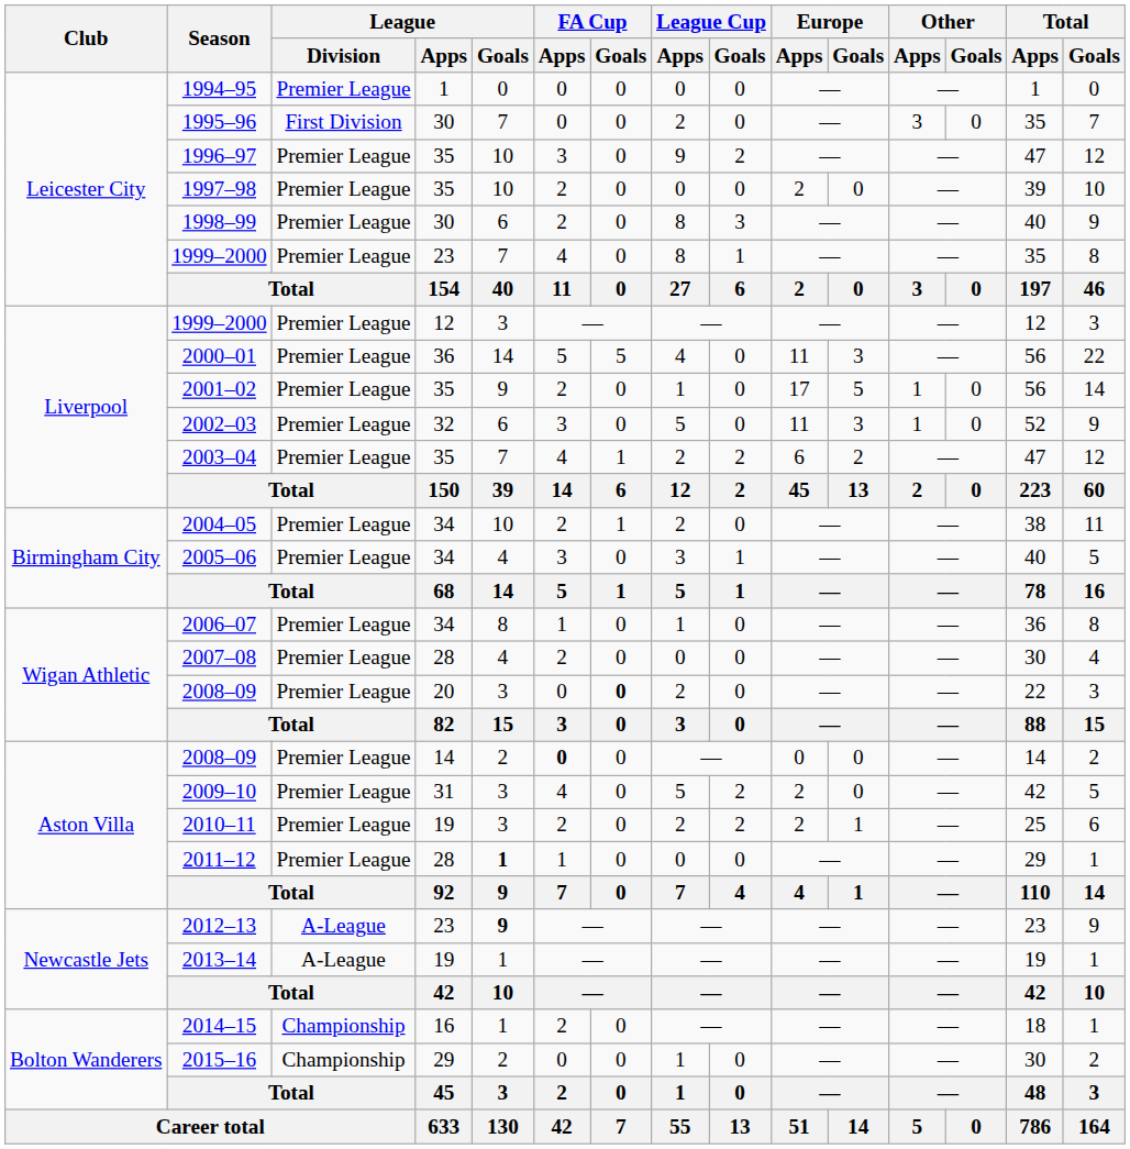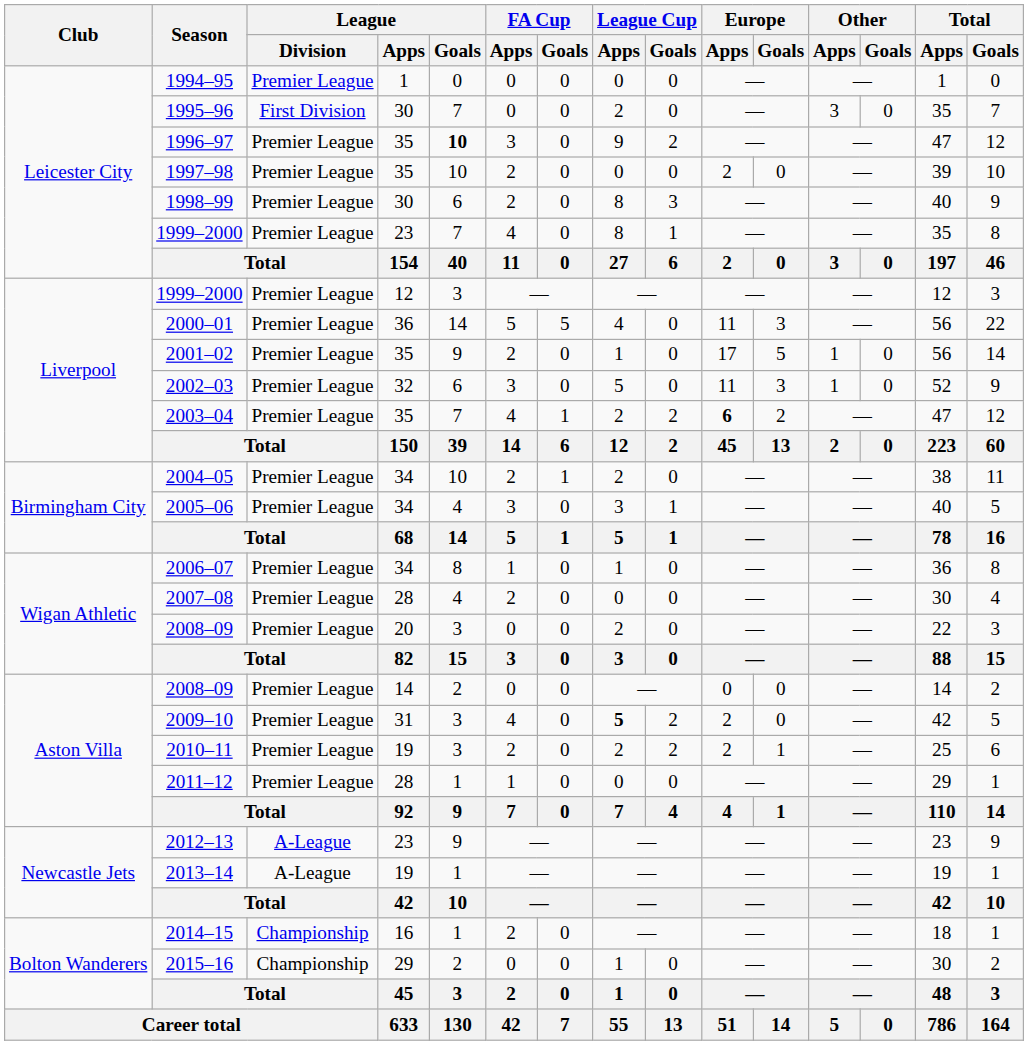 <table class=wikitable style=text-align:center>
 <tr>
 <th rowspan=2>Club</th>
 <th rowspan=2>Season</th>
 <th colspan=3>League</th>
 <th colspan=2><a href='#'>FA Cup</a></th>
 <th colspan=2><a href='#'>League Cup</a></th>
 <th colspan=2>Europe</th>
 <th colspan=2>Other</th>
 <th colspan=2>Total</th>
 </tr>
 <tr>
 <th>Division</th>
 <th>Apps</th>
 <th>Goals</th>
 <th>Apps</th>
 <th>Goals</th>
 <th>Apps</th>
 <th>Goals</th>
 <th>Apps</th>
 <th>Goals</th>
 <th>Apps</th>
 <th>Goals</th>
 <th>Apps</th>
 <th>Goals</th>
 </tr>
 <tr>
 <td rowspan=7><a href='#'>Leicester City</a></td>
 <td><a href='#'>1994–95</a></td>
 <td><a href='#'>Premier League</a></td>
 <td>1</td>
 <td>0</td>
 <td>0</td>
 <td>0</td>
 <td>0</td>
 <td>0</td>
 <td colspan=2>—</td>
 <td colspan=2>—</td>
 <td>1</td>
 <td>0</td>
 </tr>
 <tr>
 <td><a href='#'>1995–96</a></td>
 <td><a href='#'>First Division</a></td>
 <td>30</td>
 <td>7</td>
 <td>0</td>
 <td>0</td>
 <td>2</td>
 <td>0</td>
 <td colspan=2>—</td>
 <td>3</td>
 <td>0</td>
 <td>35</td>
 <td>7</td>
 </tr>
 <tr>
 <td><a href='#'>1996–97</a></td>
 <td>Premier League</td>
 <td>35</td>
-<td>10</td>
+<td><strong>10</strong></td>
 <td>3</td>
 <td>0</td>
 <td>9</td>
 <td>2</td>
 <td colspan=2>—</td>
 <td colspan=2>—</td>
 <td>47</td>
 <td>12</td>
 </tr>
 <tr>
 <td><a href='#'>1997–98</a></td>
 <td>Premier League</td>
 <td>35</td>
 <td>10</td>
 <td>2</td>
 <td>0</td>
 <td>0</td>
 <td>0</td>
 <td>2</td>
 <td>0</td>
 <td colspan=2>—</td>
 <td>39</td>
 <td>10</td>
 </tr>
 <tr>
 <td><a href='#'>1998–99</a></td>
 <td>Premier League</td>
 <td>30</td>
 <td>6</td>
 <td>2</td>
 <td>0</td>
 <td>8</td>
 <td>3</td>
 <td colspan=2>—</td>
 <td colspan=2>—</td>
 <td>40</td>
 <td>9</td>
 </tr>
 <tr>
 <td><a href='#'>1999–2000</a></td>
 <td>Premier League</td>
 <td>23</td>
 <td>7</td>
 <td>4</td>
 <td>0</td>
 <td>8</td>
 <td>1</td>
 <td colspan=2>—</td>
 <td colspan=2>—</td>
 <td>35</td>
 <td>8</td>
 </tr>
 <tr>
 <th colspan=2>Total</th>
 <th>154</th>
 <th>40</th>
 <th>11</th>
 <th>0</th>
 <th>27</th>
 <th>6</th>
 <th>2</th>
 <th>0</th>
 <th>3</th>
 <th>0</th>
 <th>197</th>
 <th>46</th>
 </tr>
 <tr>
 <td rowspan=6><a href='#'>Liverpool</a></td>
 <td><a href='#'>1999–2000</a></td>
 <td>Premier League</td>
 <td>12</td>
 <td>3</td>
 <td colspan=2>—</td>
 <td colspan=2>—</td>
 <td colspan=2>—</td>
 <td colspan=2>—</td>
 <td>12</td>
 <td>3</td>
 </tr>
 <tr>
 <td><a href='#'>2000–01</a></td>
 <td>Premier League</td>
 <td>36</td>
 <td>14</td>
 <td>5</td>
 <td>5</td>
 <td>4</td>
 <td>0</td>
 <td>11</td>
 <td>3</td>
 <td colspan=2>—</td>
 <td>56</td>
 <td>22</td>
 </tr>
 <tr>
 <td><a href='#'>2001–02</a></td>
 <td>Premier League</td>
 <td>35</td>
 <td>9</td>
 <td>2</td>
 <td>0</td>
 <td>1</td>
 <td>0</td>
 <td>17</td>
 <td>5</td>
 <td>1</td>
 <td>0</td>
 <td>56</td>
 <td>14</td>
 </tr>
 <tr>
 <td><a href='#'>2002–03</a></td>
 <td>Premier League</td>
 <td>32</td>
 <td>6</td>
 <td>3</td>
 <td>0</td>
 <td>5</td>
 <td>0</td>
 <td>11</td>
 <td>3</td>
 <td>1</td>
 <td>0</td>
 <td>52</td>
 <td>9</td>
 </tr>
 <tr>
 <td><a href='#'>2003–04</a></td>
 <td>Premier League</td>
 <td>35</td>
 <td>7</td>
 <td>4</td>
 <td>1</td>
 <td>2</td>
 <td>2</td>
-<td>6</td>
+<td><strong>6</strong></td>
 <td>2</td>
 <td colspan=2>—</td>
 <td>47</td>
 <td>12</td>
 </tr>
 <tr>
 <th colspan=2>Total</th>
 <th>150</th>
 <th>39</th>
 <th>14</th>
 <th>6</th>
 <th>12</th>
 <th>2</th>
 <th>45</th>
 <th>13</th>
 <th>2</th>
 <th>0</th>
 <th>223</th>
 <th>60</th>
 </tr>
 <tr>
 <td rowspan=3><a href='#'>Birmingham City</a></td>
 <td><a href='#'>2004–05</a></td>
 <td>Premier League</td>
 <td>34</td>
 <td>10</td>
 <td>2</td>
 <td>1</td>
 <td>2</td>
 <td>0</td>
 <td colspan=2>—</td>
 <td colspan=2>—</td>
 <td>38</td>
 <td>11</td>
 </tr>
 <tr>
 <td><a href='#'>2005–06</a></td>
 <td>Premier League</td>
 <td>34</td>
 <td>4</td>
 <td>3</td>
 <td>0</td>
 <td>3</td>
 <td>1</td>
 <td colspan=2>—</td>
 <td colspan=2>—</td>
 <td>40</td>
 <td>5</td>
 </tr>
 <tr>
 <th colspan=2>Total</th>
 <th>68</th>
 <th>14</th>
 <th>5</th>
 <th>1</th>
 <th>5</th>
 <th>1</th>
 <th colspan=2>—</th>
 <th colspan=2>—</th>
 <th>78</th>
 <th>16</th>
 </tr>
 <tr>
 <td rowspan=4><a href='#'>Wigan Athletic</a></td>
 <td><a href='#'>2006–07</a></td>
 <td>Premier League</td>
 <td>34</td>
 <td>8</td>
 <td>1</td>
 <td>0</td>
 <td>1</td>
 <td>0</td>
 <td colspan=2>—</td>
 <td colspan=2>—</td>
 <td>36</td>
 <td>8</td>
 </tr>
 <tr>
 <td><a href='#'>2007–08</a></td>
 <td>Premier League</td>
 <td>28</td>
 <td>4</td>
 <td>2</td>
 <td>0</td>
 <td>0</td>
 <td>0</td>
 <td colspan=2>—</td>
 <td colspan=2>—</td>
 <td>30</td>
 <td>4</td>
 </tr>
 <tr>
 <td><a href='#'>2008–09</a></td>
 <td>Premier League</td>
 <td>20</td>
 <td>3</td>
 <td>0</td>
-<td><strong>0</strong></td>
+<td>0</td>
 <td>2</td>
 <td>0</td>
 <td colspan=2>—</td>
 <td colspan=2>—</td>
 <td>22</td>
 <td>3</td>
 </tr>
 <tr>
 <th colspan=2>Total</th>
 <th>82</th>
 <th>15</th>
 <th>3</th>
 <th>0</th>
 <th>3</th>
 <th>0</th>
 <th colspan=2>—</th>
 <th colspan=2>—</th>
 <th>88</th>
 <th>15</th>
 </tr>
 <tr>
 <td rowspan=5><a href='#'>Aston Villa</a></td>
 <td><a href='#'>2008–09</a></td>
 <td>Premier League</td>
 <td>14</td>
 <td>2</td>
-<td><strong>0</strong></td>
+<td>0</td>
 <td>0</td>
 <td colspan=2>—</td>
 <td>0</td>
 <td>0</td>
 <td colspan=2>—</td>
 <td>14</td>
 <td>2</td>
 </tr>
 <tr>
 <td><a href='#'>2009–10</a></td>
 <td>Premier League</td>
 <td>31</td>
 <td>3</td>
 <td>4</td>
 <td>0</td>
-<td>5</td>
+<td><strong>5</strong></td>
 <td>2</td>
 <td>2</td>
 <td>0</td>
 <td colspan=2>—</td>
 <td>42</td>
 <td>5</td>
 </tr>
 <tr>
 <td><a href='#'>2010–11</a></td>
 <td>Premier League</td>
 <td>19</td>
 <td>3</td>
 <td>2</td>
 <td>0</td>
 <td>2</td>
 <td>2</td>
 <td>2</td>
 <td>1</td>
 <td colspan=2>—</td>
 <td>25</td>
 <td>6</td>
 </tr>
 <tr>
 <td><a href='#'>2011–12</a></td>
 <td>Premier League</td>
 <td>28</td>
-<td><strong>1</strong></td>
+<td>1</td>
 <td>1</td>
 <td>0</td>
 <td>0</td>
 <td>0</td>
 <td colspan=2>—</td>
 <td colspan=2>—</td>
 <td>29</td>
 <td>1</td>
 </tr>
 <tr>
 <th colspan=2>Total</th>
 <th>92</th>
 <th>9</th>
 <th>7</th>
 <th>0</th>
 <th>7</th>
 <th>4</th>
 <th>4</th>
 <th>1</th>
 <th colspan=2>—</th>
 <th>110</th>
 <th>14</th>
 </tr>
 <tr>
 <td rowspan=3><a href='#'>Newcastle Jets</a></td>
 <td><a href='#'>2012–13</a></td>
 <td><a href='#'>A-League</a></td>
 <td>23</td>
-<td><strong>9</strong></td>
+<td>9</td>
 <td colspan=2>—</td>
 <td colspan=2>—</td>
 <td colspan=2>—</td>
 <td colspan=2>—</td>
 <td>23</td>
 <td>9</td>
 </tr>
 <tr>
 <td><a href='#'>2013–14</a></td>
 <td>A-League</td>
 <td>19</td>
 <td>1</td>
 <td colspan=2>—</td>
 <td colspan=2>—</td>
 <td colspan=2>—</td>
 <td colspan=2>—</td>
 <td>19</td>
 <td>1</td>
 </tr>
 <tr>
 <th colspan=2>Total</th>
 <th>42</th>
 <th>10</th>
 <th colspan=2>—</th>
 <th colspan=2>—</th>
 <th colspan=2>—</th>
 <th colspan=2>—</th>
 <th>42</th>
 <th>10</th>
 </tr>
 <tr>
 <td rowspan=3><a href='#'>Bolton Wanderers</a></td>
 <td><a href='#'>2014–15</a></td>
 <td><a href='#'>Championship</a></td>
 <td>16</td>
 <td>1</td>
 <td>2</td>
 <td>0</td>
 <td colspan=2>—</td>
 <td colspan=2>—</td>
 <td colspan=2>—</td>
 <td>18</td>
 <td>1</td>
 </tr>
 <tr>
 <td><a href='#'>2015–16</a></td>
 <td>Championship</td>
 <td>29</td>
 <td>2</td>
 <td>0</td>
 <td>0</td>
 <td>1</td>
 <td>0</td>
 <td colspan=2>—</td>
 <td colspan=2>—</td>
 <td>30</td>
 <td>2</td>
 </tr>
 <tr>
 <th colspan=2>Total</th>
 <th>45</th>
 <th>3</th>
 <th>2</th>
 <th>0</th>
 <th>1</th>
 <th>0</th>
 <th colspan=2>—</th>
 <th colspan=2>—</th>
 <th>48</th>
 <th>3</th>
 </tr>
 <tr>
 <th colspan=3>Career total</th>
 <th>633</th>
 <th>130</th>
 <th>42</th>
 <th>7</th>
 <th>55</th>
 <th>13</th>
 <th>51</th>
 <th>14</th>
 <th>5</th>
 <th>0</th>
 <th>786</th>
 <th>164</th>
 </tr>
 </table>
